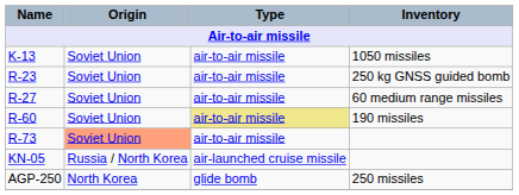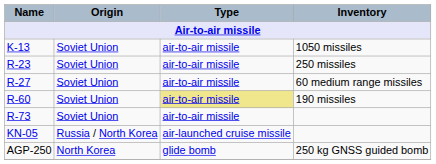 <table class="wikitable">
 <tr>
 <th style="text-align:center; background:#aabccc;">Name</th>
 <th style="text-align: center; background:#aabccc;">Origin</th>
 <th style="text-align:l center; background:#aabccc;">Type</th>
 <th style="text-align: center; background:#aabccc;">Inventory</th>
 </tr>
 <tr>
 <th colspan="5" style="align: center; background: lavender;"><a href='#'>Air-to-air missile</a></th>
 </tr>
 <tr>
 <td><a href='#'>K-13</a></td>
 <td><a href='#'>Soviet Union</a></td>
 <td><a href='#'>air-to-air missile</a></td>
 <td>1050 missiles</td>
 </tr>
 <tr>
 <td><a href='#'>R-23</a></td>
 <td><a href='#'>Soviet Union</a></td>
 <td><a href='#'>air-to-air missile</a></td>
-<td>250 kg GNSS guided bomb</td>
+<td>250 missiles</td>
 </tr>
 <tr>
 <td><a href='#'>R-27</a></td>
 <td><a href='#'>Soviet Union</a></td>
 <td><a href='#'>air-to-air missile</a></td>
 <td>60 medium range missiles</td>
 </tr>
 <tr>
 <td><a href='#'>R-60</a></td>
 <td><a href='#'>Soviet Union</a></td>
 <td style="background: khaki;"><a href='#'>air-to-air missile</a></td>
 <td>190 missiles</td>
 </tr>
 <tr>
 <td><a href='#'>R-73</a></td>
-<td style="background: lightsalmon;"><a href='#'>Soviet Union</a></td>
+<td><a href='#'>Soviet Union</a></td>
 <td><a href='#'>air-to-air missile</a></td>
 <td></td>
 </tr>
 <tr>
 <td><a href='#'>KN-05</a></td>
 <td><a href='#'>Russia</a> / <a href='#'>North Korea</a></td>
 <td><a href='#'>air-launched cruise missile</a></td>
 <td></td>
 </tr>
 <tr>
 <td>AGP-250</td>
 <td><a href='#'>North Korea</a></td>
 <td><a href='#'>glide bomb</a></td>
-<td>250 missiles</td>
+<td>250 kg GNSS guided bomb</td>
 </tr>
 <tr>
 </tr>
 </table>
